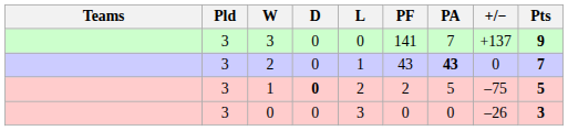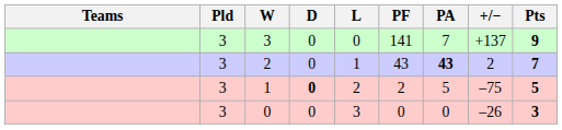 <table class="wikitable" style="text-align: center;">
 <tr>
 <th width="200">Teams</th>
 <th width="40">Pld</th>
 <th width="40">W</th>
 <th width="40">D</th>
 <th width="40">L</th>
 <th width="40">PF</th>
 <th width="40">PA</th>
 <th width="40">+/−</th>
 <th width="40">Pts</th>
 </tr>
 <tr bgcolor=ccffcc>
 <td align=left></td>
 <td>3</td>
 <td>3</td>
 <td>0</td>
 <td>0</td>
 <td>141</td>
 <td>7</td>
 <td>+137</td>
 <td><strong>9</strong></td>
 </tr>
 <tr bgcolor=ccccff>
 <td align=left></td>
 <td>3</td>
 <td>2</td>
 <td>0</td>
 <td>1</td>
 <td>43</td>
 <td><strong>43</strong></td>
-<td>0</td>
+<td>2</td>
 <td><strong>7</strong></td>
 </tr>
 <tr bgcolor=ffcccc>
 <td align=left></td>
 <td>3</td>
 <td>1</td>
 <td><strong>0</strong></td>
 <td>2</td>
 <td>2</td>
 <td>5</td>
 <td>–75</td>
 <td><strong>5</strong></td>
 </tr>
 <tr bgcolor=ffcccc>
 <td align=left></td>
 <td>3</td>
 <td>0</td>
 <td>0</td>
 <td>3</td>
 <td>0</td>
 <td>0</td>
 <td>–26</td>
 <td><strong>3</strong></td>
 </tr>
 </table>
